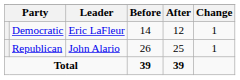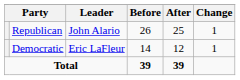 <table class="wikitable" style="text-align:center;">
 <tr>
 </tr>
 <tr>
 <th colspan=2>Party</th>
 <th>Leader</th>
 <th>Before</th>
 <th>After</th>
 <th>Change</th>
 </tr>
 <tr>
 <th style="background-color:"></th>
+<td style="text-align:left;"><a href='#'>Republican</a></td>
+<td style="text-align:left;"><a href='#'>John Alario</a></td>
+<td>26</td>
+<td>25</td>
+<td> 1</td>
+</tr>
+<tr>
+<th style="background-color:"></th>
 <td style="text-align:left;"><a href='#'>Democratic</a></td>
 <td style="text-align:left;"><a href='#'>Eric LaFleur</a></td>
 <td>14</td>
 <td>12</td>
-<td> 1</td>
-</tr>
-<tr>
-<th style="background-color:"></th>
-<td style="text-align:left;"><a href='#'>Republican</a></td>
-<td style="text-align:left;"><a href='#'>John Alario</a></td>
-<td>26</td>
-<td>25</td>
 <td> 1</td>
 </tr>
 <tr>
 <td colspan=3><strong>Total</strong></td>
 <td><strong>39</strong></td>
 <td><strong>39</strong></td>
 </tr>
 </table>
